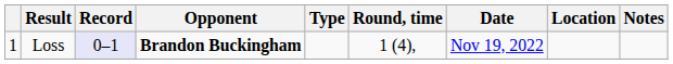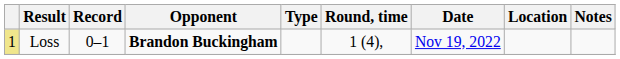 <table class="wikitable" style="text-align:center">
 <tr>
 <th></th>
 <th>Result</th>
 <th>Record</th>
 <th>Opponent</th>
 <th>Type</th>
 <th>Round, time</th>
 <th>Date</th>
 <th>Location</th>
 <th>Notes</th>
 </tr>
 <tr>
-<td>1</td>
+<td style="background: khaki;">1</td>
 <td>Loss</td>
-<td style="background: lavender;">0–1</td>
+<td>0–1</td>
 <td style="text-align:left;"><strong>Brandon Buckingham</strong></td>
 <td></td>
 <td>1 (4), </td>
 <td><a href='#'>Nov 19, 2022</a></td>
 <td style="text-align:left;"></td>
 <td style="text-align:left;"></td>
 </tr>
 <tr>
 </tr>
 </table>
